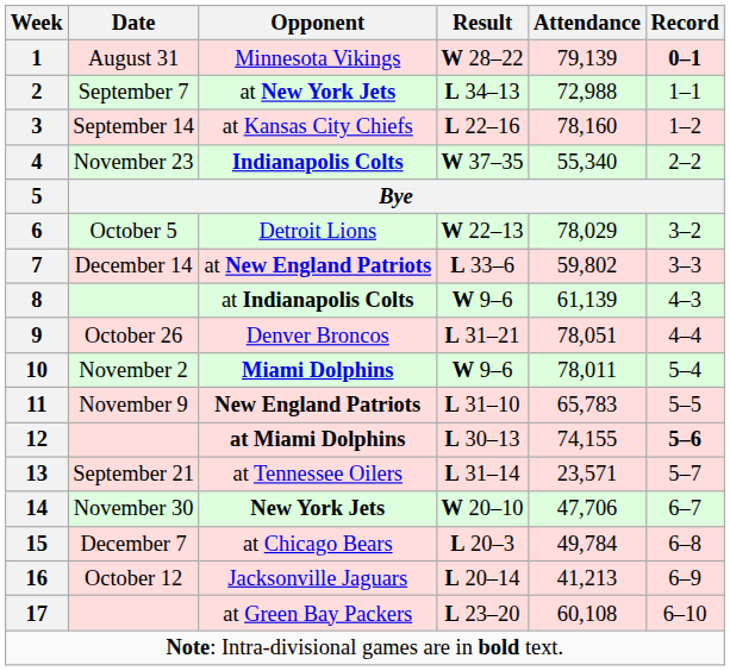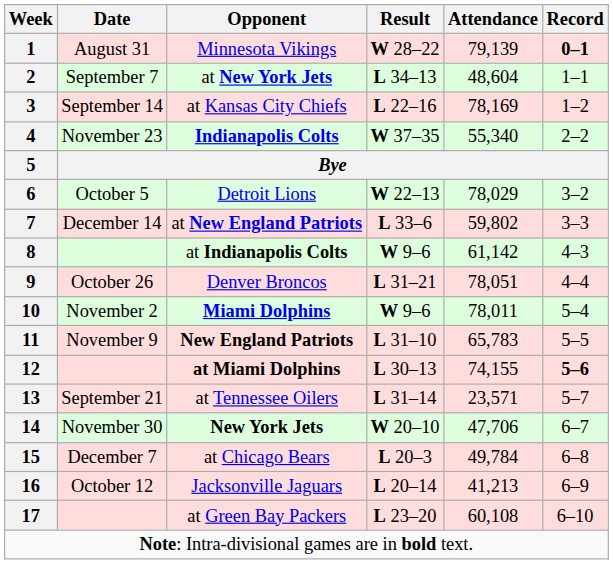 <table class="wikitable" style="text-align:center;">
 <tr>
 <th>Week</th>
 <th>Date</th>
 <th>Opponent</th>
 <th>Result</th>
 <th>Attendance</th>
 <th>Record</th>
 </tr>
 <tr style="background: #ffdddd;">
 <th>1</th>
 <td>August 31</td>
 <td><a href='#'>Minnesota Vikings</a></td>
 <td><strong>W</strong> 28–22</td>
 <td>79,139</td>
 <td><strong>0–1</strong></td>
 </tr>
 <tr style="background: #ddffdd;">
 <th>2</th>
 <td>September 7</td>
 <td>at <a href='#'><strong>New York Jets</strong></a></td>
 <td><strong>L</strong> 34–13</td>
-<td>72,988</td>
+<td>48,604</td>
 <td>1–1</td>
 </tr>
 <tr style="background: #ffdddd;">
 <th>3</th>
 <td>September 14</td>
 <td>at <a href='#'>Kansas City Chiefs</a></td>
 <td><strong>L</strong> 22–16</td>
-<td>78,160</td>
+<td>78,169</td>
 <td>1–2</td>
 </tr>
 <tr style="background: #ddffdd;">
 <th>4</th>
 <td>November 23</td>
 <td><a href='#'><strong>Indianapolis Colts</strong></a></td>
 <td><strong>W</strong> 37–35</td>
 <td>55,340</td>
 <td>2–2</td>
 </tr>
 <tr>
 <th>5</th>
 <th colspan=5 align="center"><em>Bye</em></th>
 </tr>
 <tr style="background: #ddffdd;">
 <th>6</th>
 <td>October 5</td>
 <td><a href='#'>Detroit Lions</a></td>
 <td><strong>W</strong> 22–13</td>
 <td>78,029</td>
 <td>3–2</td>
 </tr>
 <tr style="background: #ffdddd;">
 <th>7</th>
 <td>December 14</td>
 <td>at <a href='#'><strong>New England Patriots</strong></a></td>
 <td><strong>L</strong> 33–6</td>
 <td>59,802</td>
 <td>3–3</td>
 </tr>
 <tr style="background: #ddffdd;">
 <th>8</th>
 <td></td>
 <td>at <strong>Indianapolis Colts</strong></td>
 <td><strong>W</strong> 9–6</td>
-<td>61,139</td>
+<td>61,142</td>
 <td>4–3</td>
 </tr>
 <tr style="background: #ffdddd;">
 <th>9</th>
 <td>October 26</td>
 <td><a href='#'>Denver Broncos</a></td>
 <td><strong>L</strong> 31–21</td>
 <td>78,051</td>
 <td>4–4</td>
 </tr>
 <tr style="background: #ddffdd;">
 <th>10</th>
 <td>November 2</td>
 <td><a href='#'><strong>Miami Dolphins</strong></a></td>
 <td><strong>W</strong> 9–6</td>
 <td>78,011</td>
 <td>5–4</td>
 </tr>
 <tr style="background: #ffdddd;">
 <th>11</th>
 <td>November 9</td>
 <td><strong>New England Patriots</strong></td>
 <td><strong>L</strong> 31–10</td>
 <td>65,783</td>
 <td>5–5</td>
 </tr>
 <tr style="background: #ffdddd;">
 <th>12</th>
 <td></td>
 <td><strong>at Miami Dolphins</strong></td>
 <td><strong>L</strong> 30–13</td>
 <td>74,155</td>
 <td><strong>5–6</strong></td>
 </tr>
 <tr style="background: #ffdddd;">
 <th>13</th>
 <td>September 21</td>
 <td>at <a href='#'>Tennessee Oilers</a></td>
 <td><strong>L</strong> 31–14</td>
 <td>23,571</td>
 <td>5–7</td>
 </tr>
 <tr style="background: #ddffdd;">
 <th>14</th>
 <td>November 30</td>
 <td><strong>New York Jets</strong></td>
 <td><strong>W</strong> 20–10</td>
 <td>47,706</td>
 <td>6–7</td>
 </tr>
 <tr style="background: #ffdddd;">
 <th>15</th>
 <td>December 7</td>
 <td>at <a href='#'>Chicago Bears</a></td>
 <td><strong>L</strong> 20–3</td>
 <td>49,784</td>
 <td>6–8</td>
 </tr>
 <tr style="background: #ffdddd;">
 <th>16</th>
 <td>October 12</td>
 <td><a href='#'>Jacksonville Jaguars</a></td>
 <td><strong>L</strong> 20–14</td>
 <td>41,213</td>
 <td>6–9</td>
 </tr>
 <tr style="background: #ffdddd;">
 <th>17</th>
 <td></td>
 <td>at <a href='#'>Green Bay Packers</a></td>
 <td><strong>L</strong> 23–20</td>
 <td {{center>60,108</td>
 <td>6–10</td>
 </tr>
 <tr>
 <td colspan="6"><strong>Note</strong>: Intra-divisional games are in <strong>bold</strong> text.</td>
 </tr>
 </table>
